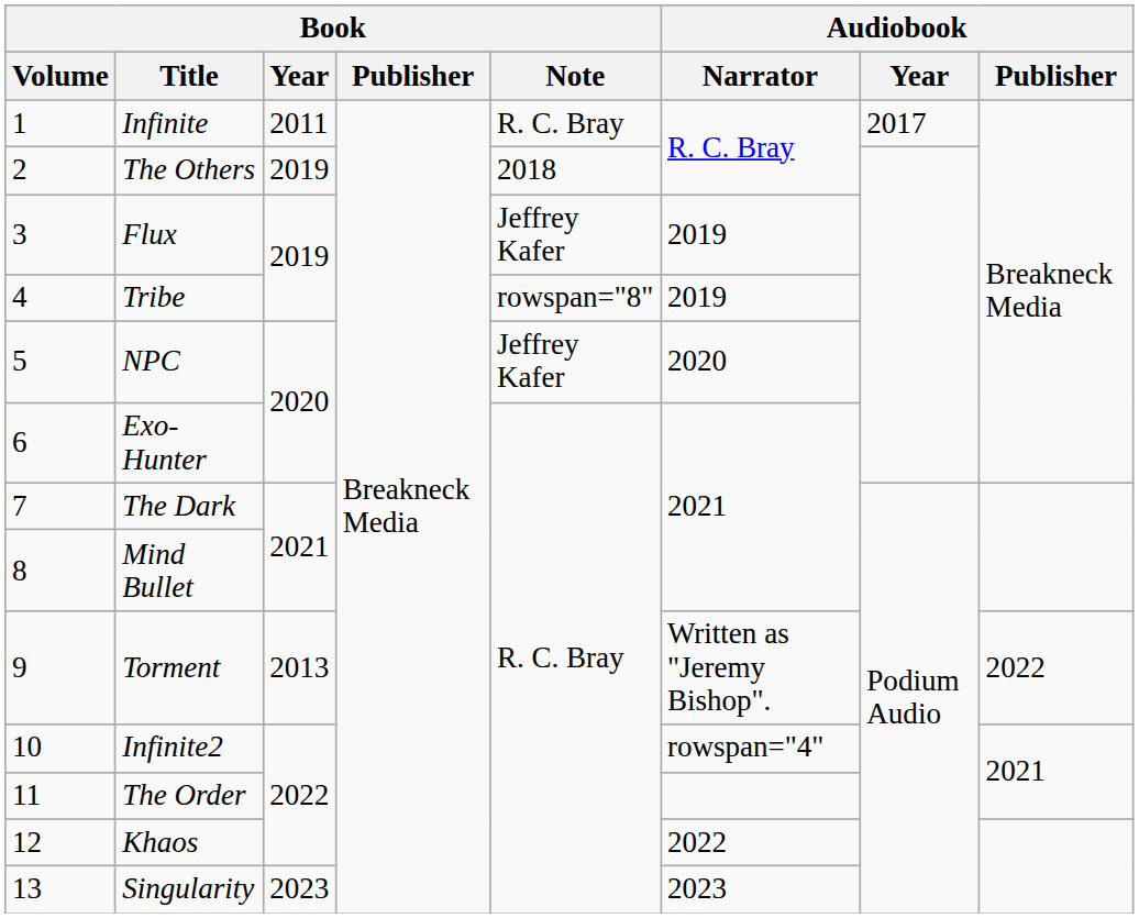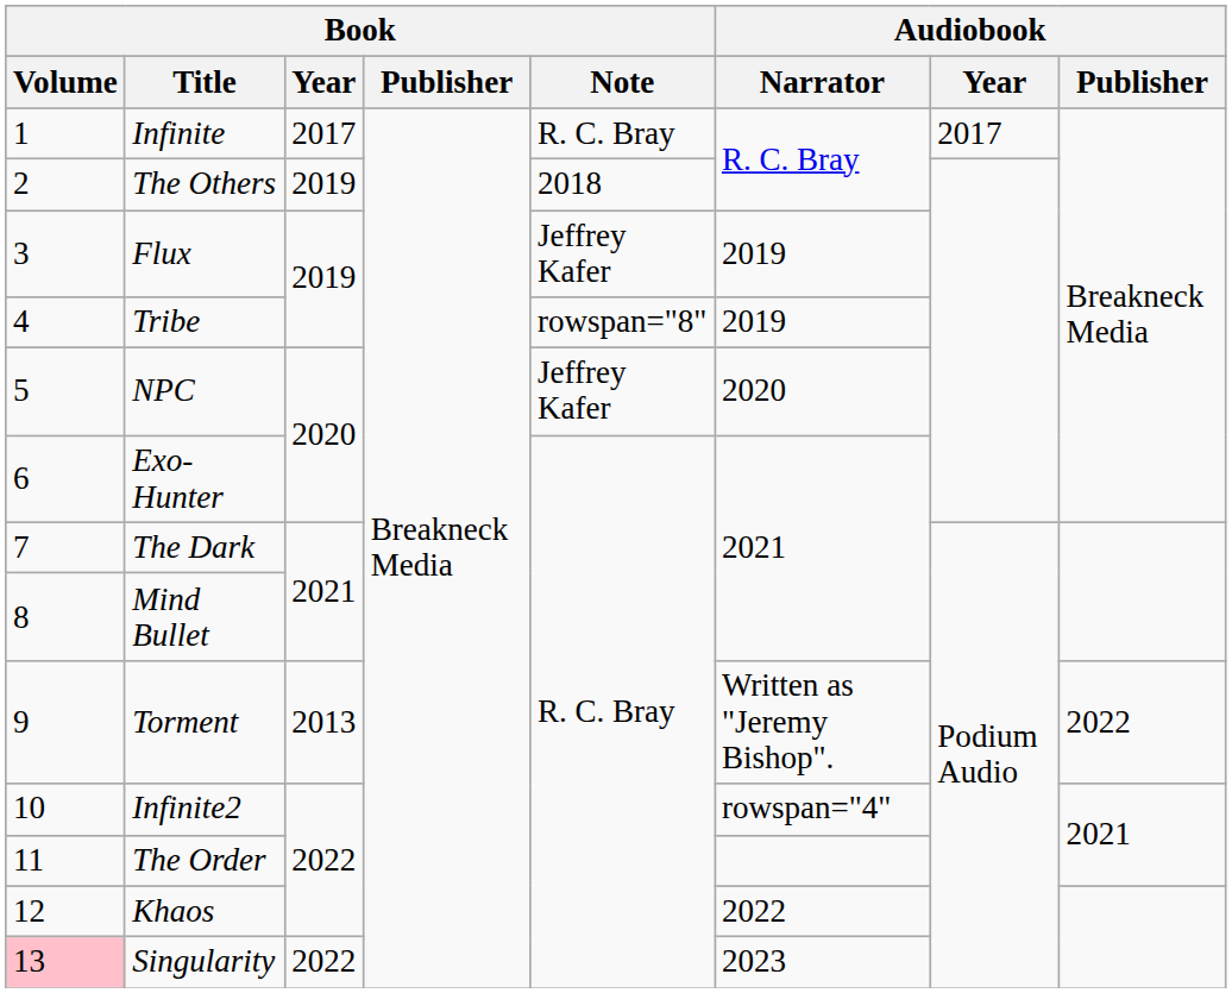 <table class="wikitable">
 <tr>
 <th colspan="5">Book</th>
 <th colspan="3">Audiobook</th>
 </tr>
 <tr>
 <th>Volume</th>
 <th>Title</th>
 <th>Year</th>
 <th>Publisher</th>
 <th>Note</th>
 <th>Narrator</th>
 <th>Year</th>
 <th>Publisher</th>
 </tr>
 <tr>
 <td>1</td>
 <td><em>Infinite</em></td>
-<td>2011</td>
+<td>2017</td>
 <td rowspan="13">Breakneck Media</td>
 <td>R. C. Bray</td>
 <td rowspan="2"><a href='#'>R. C. Bray</a></td>
 <td>2017</td>
 <td rowspan="6">Breakneck Media</td>
 </tr>
 <tr>
 <td>2</td>
 <td><em>The Others</em></td>
 <td>2019</td>
 <td>2018</td>
 </tr>
 <tr>
 <td>3</td>
 <td><em>Flux</em></td>
 <td rowspan="2">2019</td>
 <td>Jeffrey Kafer</td>
 <td>2019</td>
 </tr>
 <tr>
 <td>4</td>
 <td><em>Tribe</em></td>
 <td>rowspan="8" </td>
 <td>2019</td>
 </tr>
 <tr>
 <td>5</td>
 <td><em>NPC</em></td>
 <td rowspan="2">2020</td>
 <td>Jeffrey Kafer</td>
 <td>2020</td>
 </tr>
 <tr>
 <td>6</td>
 <td><em>Exo-Hunter</em></td>
 <td rowspan="8">R. C. Bray</td>
 <td rowspan="3">2021</td>
 </tr>
 <tr>
 <td>7</td>
 <td><em>The Dark</em></td>
 <td rowspan="2">2021</td>
 <td rowspan="7">Podium Audio</td>
 </tr>
 <tr>
 <td>8</td>
 <td><em>Mind Bullet</em></td>
 </tr>
 <tr>
 <td>9</td>
 <td><em>Torment</em></td>
 <td>2013</td>
 <td>Written as "Jeremy Bishop".</td>
 <td>2022</td>
 </tr>
 <tr>
 <td>10</td>
 <td><em>Infinite2</em></td>
 <td rowspan="3">2022</td>
 <td>rowspan="4" </td>
 <td rowspan="2">2021</td>
 </tr>
 <tr>
 <td>11</td>
 <td><em>The Order</em></td>
 </tr>
 <tr>
 <td>12</td>
 <td><em>Khaos</em></td>
 <td>2022</td>
 </tr>
 <tr>
-<td>13</td>
+<td style="background: pink;">13</td>
 <td><em>Singularity</em></td>
-<td>2023</td>
+<td>2022</td>
 <td>2023</td>
 </tr>
 </table>
